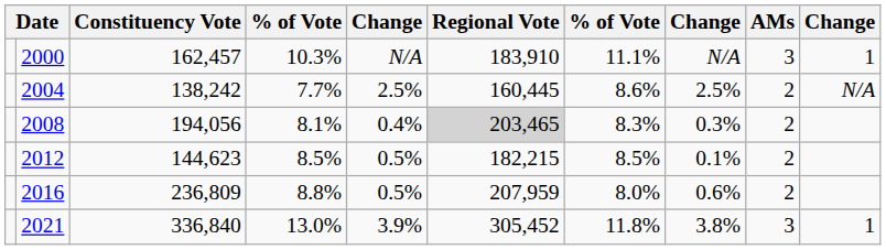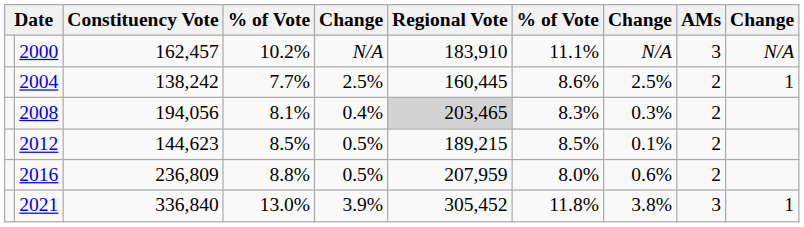 <table class="wikitable sortable" style="text-align: right">
 <tr>
 <th colspan="2">Date</th>
 <th>Constituency Vote</th>
 <th>% of Vote</th>
 <th>Change</th>
 <th>Regional Vote</th>
 <th>% of Vote</th>
 <th>Change</th>
 <th>AMs</th>
 <th>Change</th>
 </tr>
 <tr>
 <td width="1"></td>
 <td><a href='#'>2000</a></td>
 <td>162,457</td>
-<td>10.3%</td>
+<td>10.2%</td>
 <td><em>N/A</em></td>
 <td>183,910</td>
 <td>11.1%</td>
 <td><em>N/A</em></td>
 <td>3</td>
-<td>1</td>
+<td><em>N/A</em></td>
 </tr>
 <tr>
 <td></td>
 <td><a href='#'>2004</a></td>
 <td>138,242</td>
 <td>7.7%</td>
 <td>2.5%</td>
 <td>160,445</td>
 <td>8.6%</td>
 <td>2.5%</td>
 <td>2</td>
-<td><em>N/A</em></td>
+<td>1</td>
 </tr>
 <tr>
 <td></td>
 <td><a href='#'>2008</a></td>
 <td>194,056</td>
 <td>8.1%</td>
 <td>0.4%</td>
 <td style="background: lightgrey;">203,465</td>
 <td>8.3%</td>
 <td>0.3%</td>
 <td>2</td>
 <td></td>
 </tr>
 <tr>
 <td></td>
 <td><a href='#'>2012</a></td>
 <td>144,623</td>
 <td>8.5%</td>
 <td>0.5%</td>
-<td>182,215</td>
+<td>189,215</td>
 <td>8.5%</td>
 <td>0.1%</td>
 <td>2</td>
 <td></td>
 </tr>
 <tr>
 <td></td>
 <td><a href='#'>2016</a></td>
 <td>236,809</td>
 <td>8.8%</td>
 <td>0.5%</td>
 <td>207,959</td>
 <td>8.0%</td>
 <td>0.6%</td>
 <td>2</td>
 <td></td>
 </tr>
 <tr>
 <td></td>
 <td><a href='#'>2021</a></td>
 <td>336,840</td>
 <td>13.0%</td>
 <td>3.9%</td>
 <td>305,452</td>
 <td>11.8%</td>
 <td>3.8%</td>
 <td>3</td>
 <td>1</td>
 </tr>
 </table>
